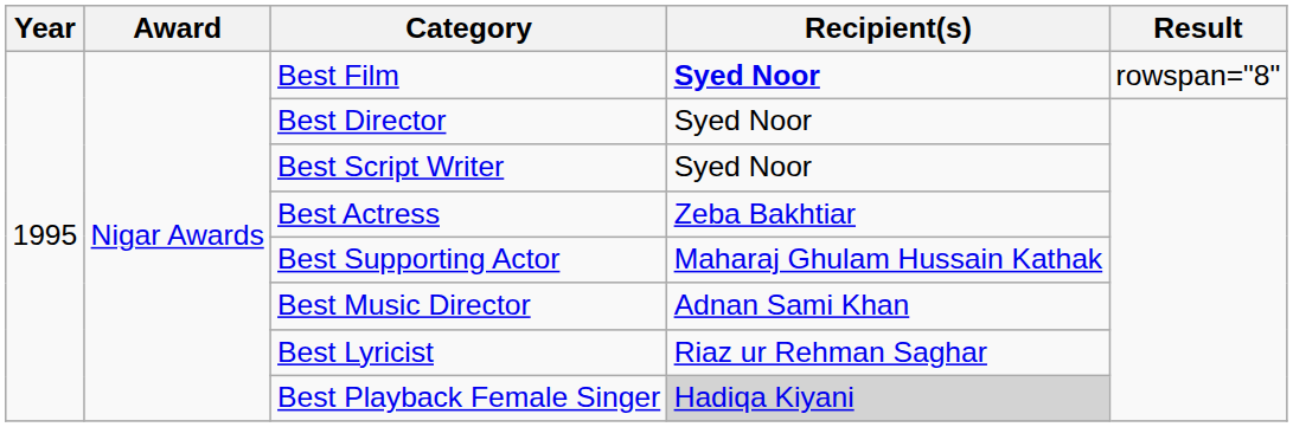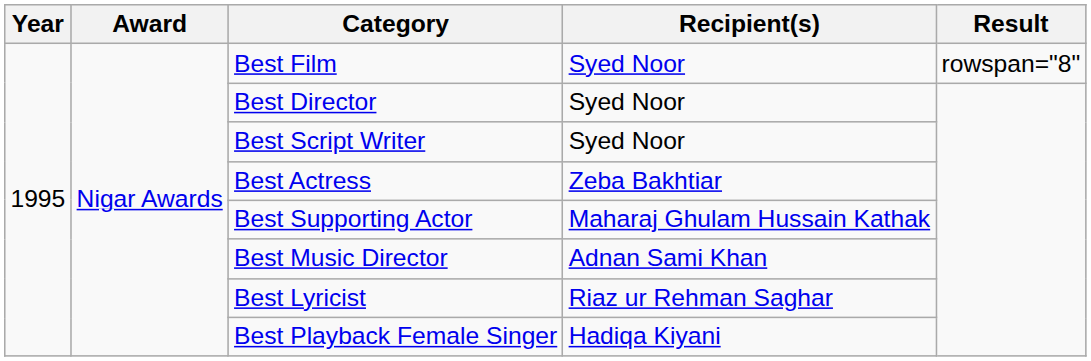 <table class="wikitable sortable">
 <tr>
 <th>Year</th>
 <th>Award</th>
 <th>Category</th>
 <th>Recipient(s)</th>
 <th>Result</th>
 </tr>
 <tr>
 <td rowspan="8">1995</td>
 <td rowspan="8"><a href='#'>Nigar Awards</a></td>
 <td><a href='#'>Best Film</a></td>
-<td><strong><a href='#'>Syed Noor</a></strong></td>
+<td><a href='#'>Syed Noor</a></td>
 <td>rowspan="8" </td>
 </tr>
 <tr>
 <td><a href='#'>Best Director</a></td>
 <td>Syed Noor</td>
 </tr>
 <tr>
 <td><a href='#'>Best Script Writer</a></td>
 <td>Syed Noor</td>
 </tr>
 <tr>
 <td><a href='#'>Best Actress</a></td>
 <td><a href='#'>Zeba Bakhtiar</a></td>
 </tr>
 <tr>
 <td><a href='#'>Best Supporting Actor</a></td>
 <td><a href='#'>Maharaj Ghulam Hussain Kathak</a></td>
 </tr>
 <tr>
 <td><a href='#'>Best Music Director</a></td>
 <td><a href='#'>Adnan Sami Khan</a></td>
 </tr>
 <tr>
 <td><a href='#'>Best Lyricist</a></td>
 <td><a href='#'>Riaz ur Rehman Saghar</a></td>
 </tr>
 <tr>
 <td><a href='#'>Best Playback Female Singer</a></td>
-<td style="background: lightgrey;"><a href='#'>Hadiqa Kiyani</a></td>
+<td><a href='#'>Hadiqa Kiyani</a></td>
 </tr>
 </table>
